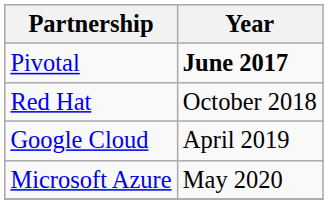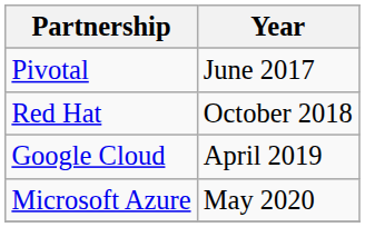 <table class="wikitable">
 <tr>
 <th>Partnership</th>
 <th>Year</th>
 </tr>
 <tr>
 <td><a href='#'>Pivotal</a></td>
-<td><strong>June 2017</strong></td>
+<td>June 2017</td>
 </tr>
 <tr>
 <td><a href='#'>Red Hat</a></td>
 <td>October 2018</td>
 </tr>
 <tr>
 <td><a href='#'>Google Cloud</a></td>
 <td>April 2019</td>
 </tr>
 <tr>
 <td><a href='#'>Microsoft Azure</a></td>
 <td>May 2020</td>
 </tr>
 <tr>
 </tr>
 </table>
